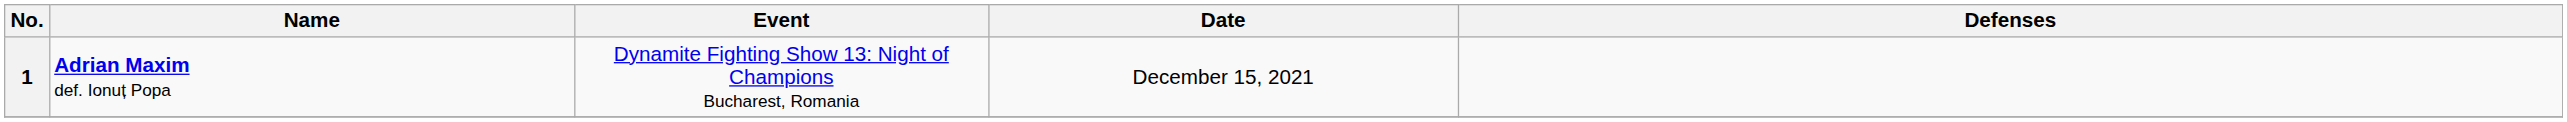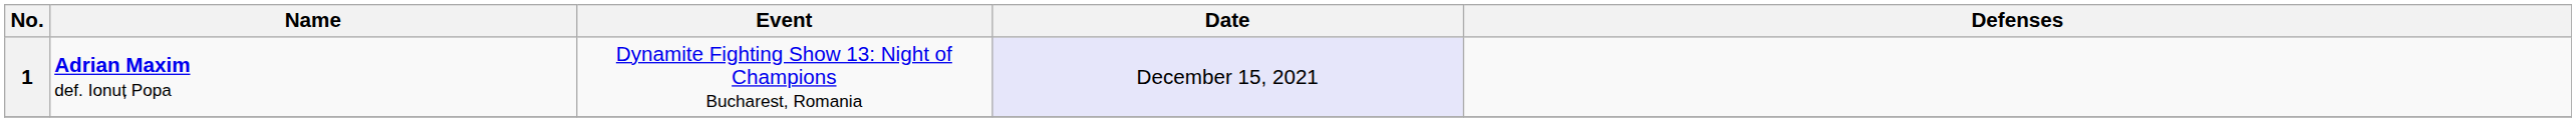 <table class="wikitable" width=100%>
 <tr>
 <th width=1%>No.</th>
 <th width=19%>Name</th>
 <th width=15%>Event</th>
 <th width=17%>Date</th>
 <th width=40%>Defenses</th>
 </tr>
 <tr>
 <th>1</th>
 <td> <strong><a href='#'>Adrian Maxim</a></strong><br><small>def. Ionuț Popa </small></td>
 <td align=center><a href='#'>Dynamite Fighting Show 13: Night of Champions</a><br><small>	Bucharest, Romania</small></td>
-<td align=center>December 15, 2021</td>
+<td align=center style="background: lavender;">December 15, 2021</td>
 <td></td>
 </tr>
 <tr>
 </tr>
 </table>
